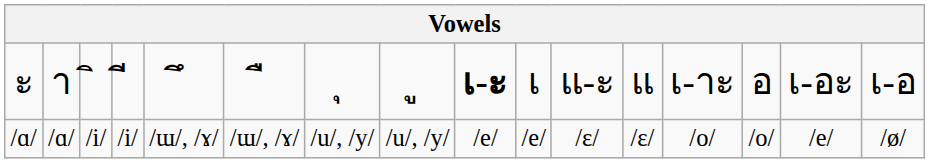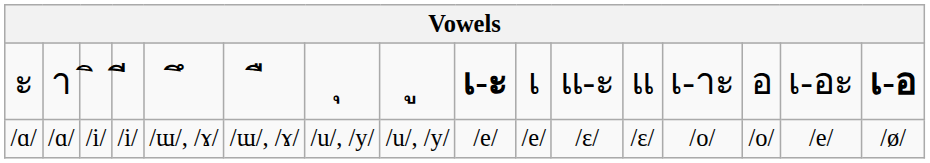 <table class="wikitable" style="text-align: center; vertical-align: middle; ">
 <tr>
 <th colspan="42">Vowels</th>
 </tr>
 <tr style="font-size: 150%">
 <td>ะ</td>
 <td>า</td>
 <td>ิ</td>
 <td>ี</td>
 <td>ึ</td>
 <td>ื</td>
 <td>ุ</td>
 <td>ู</td>
 <td><strong>เ-ะ</strong></td>
 <td>เ</td>
 <td>แ-ะ</td>
 <td>แ</td>
 <td>เ-าะ</td>
 <td>อ</td>
 <td>เ-อะ</td>
-<td>เ-อ</td>
+<td><strong>เ-อ</strong></td>
 </tr>
 <tr ---->
 <td>/ɑ/</td>
 <td>/ɑ/</td>
 <td>/i/</td>
 <td>/i/</td>
 <td>/ɯ/, /ɤ/</td>
 <td>/ɯ/, /ɤ/</td>
 <td>/u/, /y/</td>
 <td>/u/, /y/</td>
 <td>/e/</td>
 <td>/e/</td>
 <td>/ɛ/</td>
 <td>/ɛ/</td>
 <td>/o/</td>
 <td>/o/</td>
 <td>/e/</td>
 <td>/ø/</td>
 </tr>
 </table>
